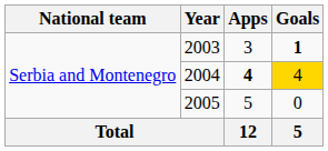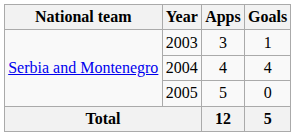 <table class="wikitable" style="text-align:center">
 <tr>
 <th>National team</th>
 <th>Year</th>
 <th>Apps</th>
 <th>Goals</th>
 </tr>
 <tr>
 <td rowspan="3" style="vertical-align:center"><a href='#'>Serbia and Montenegro</a></td>
 <td>2003</td>
 <td>3</td>
-<td><strong>1</strong></td>
+<td>1</td>
 </tr>
 <tr>
 <td>2004</td>
-<td><strong>4</strong></td>
-<td style="background: gold;">4</td>
+<td>4</td>
+<td>4</td>
 </tr>
 <tr>
 <td>2005</td>
 <td>5</td>
 <td>0</td>
 </tr>
 <tr>
 <th colspan="2">Total</th>
 <th>12</th>
 <th>5</th>
 </tr>
 </table>
